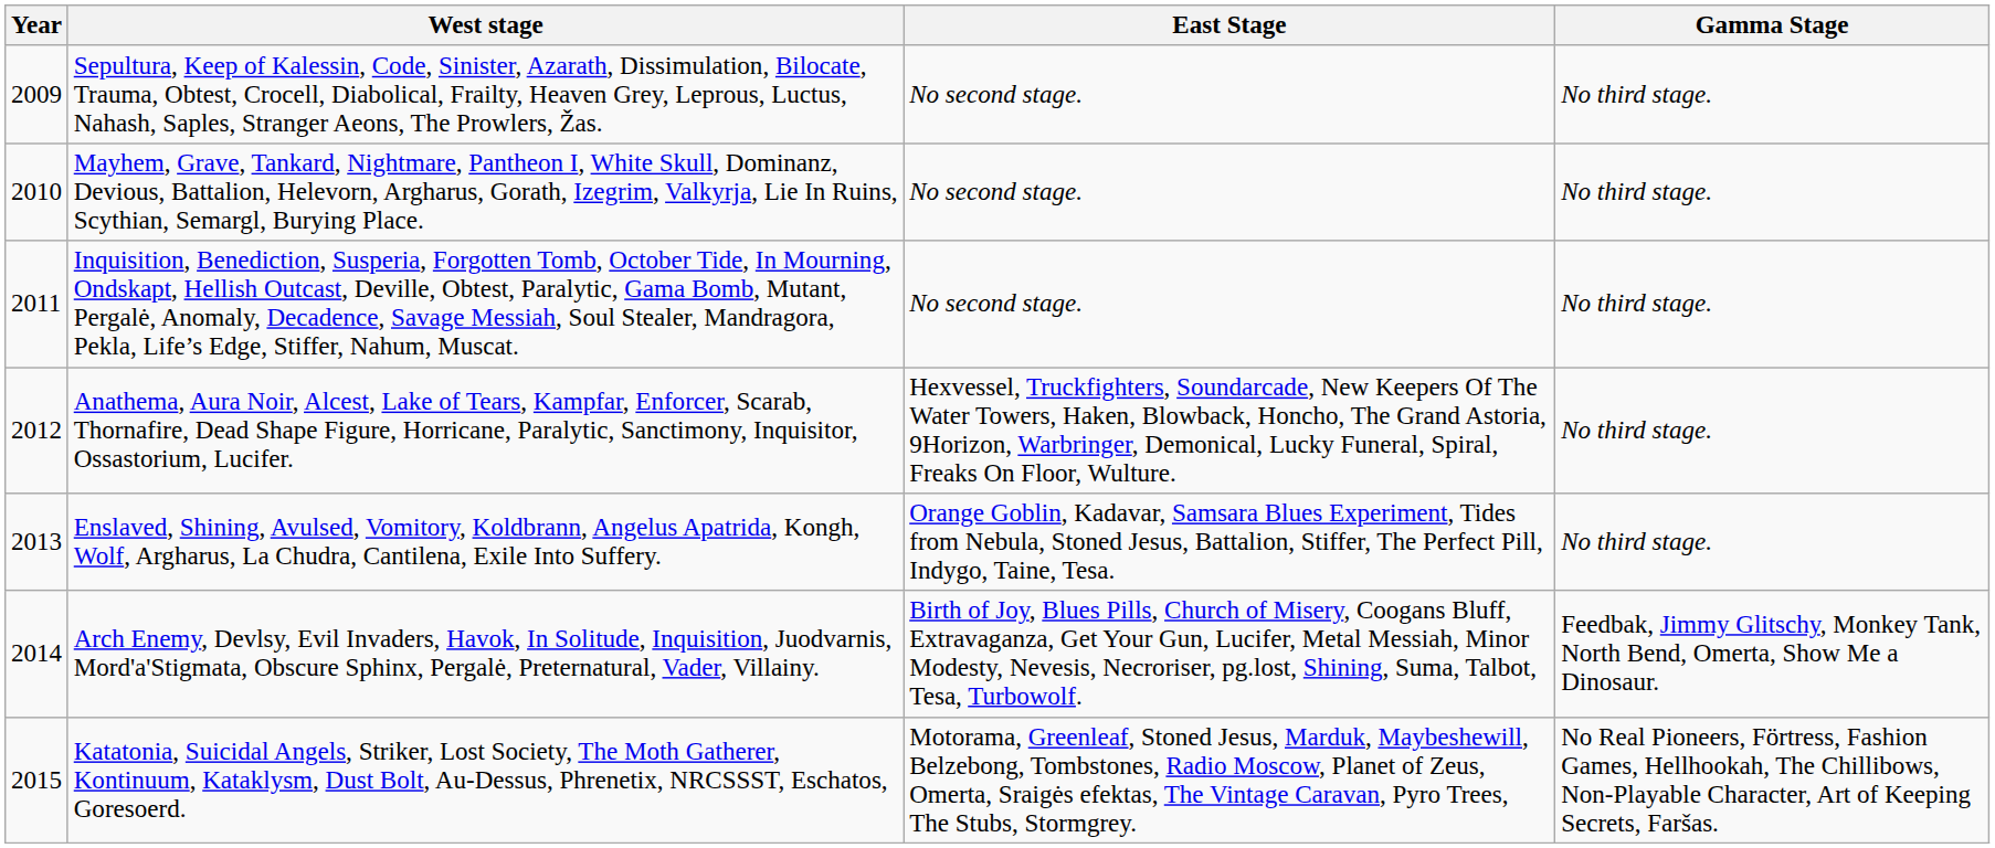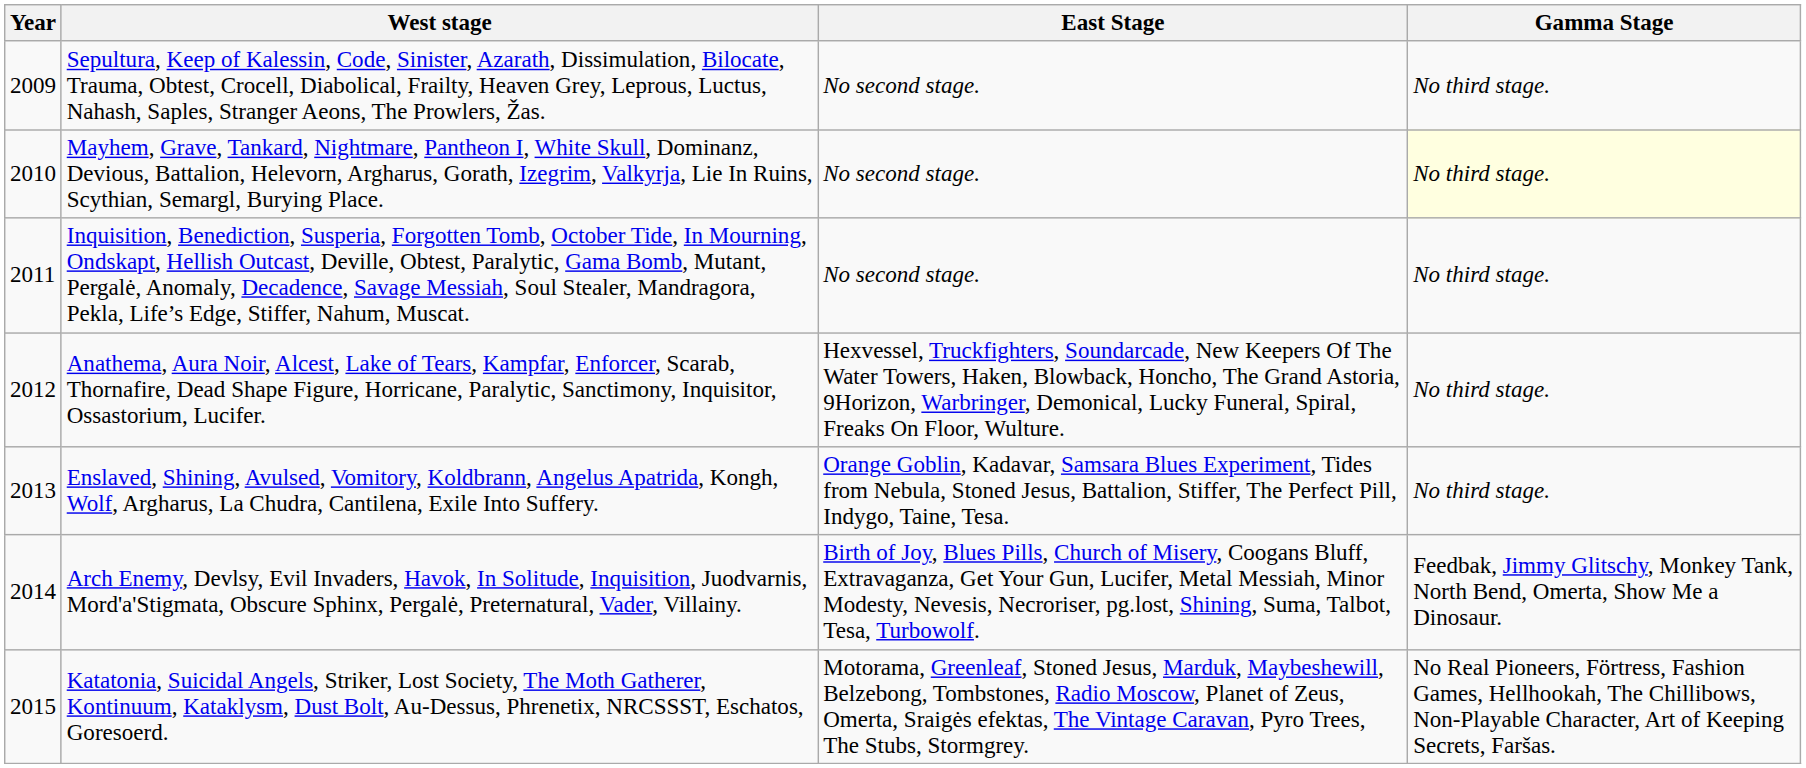 <table class="wikitable">
 <tr>
 <th>Year</th>
 <th>West stage</th>
 <th>East Stage</th>
 <th>Gamma Stage</th>
 </tr>
 <tr>
 <td>2009</td>
 <td><a href='#'>Sepultura</a>, <a href='#'>Keep of Kalessin</a>, <a href='#'>Code</a>, <a href='#'>Sinister</a>, <a href='#'>Azarath</a>, Dissimulation, <a href='#'>Bilocate</a>, Trauma, Obtest, Crocell, Diabolical, Frailty, Heaven Grey, Leprous, Luctus, Nahash, Saples, Stranger Aeons, The Prowlers, Žas.</td>
 <td><em>No second stage.</em></td>
 <td><em>No third stage.</em></td>
 </tr>
 <tr>
 <td>2010</td>
 <td><a href='#'>Mayhem</a>, <a href='#'>Grave</a>, <a href='#'>Tankard</a>, <a href='#'>Nightmare</a>, <a href='#'>Pantheon I</a>, <a href='#'>White Skull</a>, Dominanz, Devious, Battalion, Helevorn, Argharus, Gorath, <a href='#'>Izegrim</a>, <a href='#'>Valkyrja</a>, Lie In Ruins, Scythian, Semargl, Burying Place.</td>
 <td><em>No second stage.</em></td>
-<td><em>No third stage.</em></td>
+<td style="background: lightyellow;"><em>No third stage.</em></td>
 </tr>
 <tr>
 <td>2011</td>
 <td><a href='#'>Inquisition</a>, <a href='#'>Benediction</a>, <a href='#'>Susperia</a>, <a href='#'>Forgotten Tomb</a>, <a href='#'>October Tide</a>, <a href='#'>In Mourning</a>, <a href='#'>Ondskapt</a>, <a href='#'>Hellish Outcast</a>, Deville, Obtest, Paralytic, <a href='#'>Gama Bomb</a>, Mutant, Pergalė, Anomaly, <a href='#'>Decadence</a>, <a href='#'>Savage Messiah</a>, Soul Stealer, Mandragora, Pekla, Life’s Edge, Stiffer, Nahum, Muscat.</td>
 <td><em>No second stage.</em></td>
 <td><em>No third stage.</em></td>
 </tr>
 <tr>
 <td>2012</td>
 <td><a href='#'>Anathema</a>, <a href='#'>Aura Noir</a>, <a href='#'>Alcest</a>, <a href='#'>Lake of Tears</a>, <a href='#'>Kampfar</a>, <a href='#'>Enforcer</a>, Scarab, Thornafire, Dead Shape Figure, Horricane, Paralytic, Sanctimony, Inquisitor, Ossastorium, Lucifer.</td>
 <td>Hexvessel, <a href='#'>Truckfighters</a>, <a href='#'>Soundarcade</a>, New Keepers Of The Water Towers, Haken, Blowback, Honcho, The Grand Astoria, 9Horizon, <a href='#'>Warbringer</a>, Demonical, Lucky Funeral, Spiral, Freaks On Floor, Wulture.</td>
 <td><em>No third stage.</em></td>
 </tr>
 <tr>
 <td>2013</td>
 <td><a href='#'>Enslaved</a>, <a href='#'>Shining</a>, <a href='#'>Avulsed</a>, <a href='#'>Vomitory</a>, <a href='#'>Koldbrann</a>, <a href='#'>Angelus Apatrida</a>, Kongh, <a href='#'>Wolf</a>, Argharus, La Chudra, Cantilena, Exile Into Suffery.</td>
 <td><a href='#'>Orange Goblin</a>, Kadavar, <a href='#'>Samsara Blues Experiment</a>, Tides from Nebula, Stoned Jesus, Battalion, Stiffer, The Perfect Pill, Indygo, Taine, Tesa.</td>
 <td><em>No third stage.</em></td>
 </tr>
 <tr>
 <td>2014</td>
 <td><a href='#'>Arch Enemy</a>, Devlsy, Evil Invaders, <a href='#'>Havok</a>, <a href='#'>In Solitude</a>, <a href='#'>Inquisition</a>, Juodvarnis, Mord'a'Stigmata, Obscure Sphinx, Pergalė, Preternatural, <a href='#'>Vader</a>, Villainy.</td>
 <td><a href='#'>Birth of Joy</a>, <a href='#'>Blues Pills</a>, <a href='#'>Church of Misery</a>, Coogans Bluff, Extravaganza, Get Your Gun, Lucifer, Metal Messiah, Minor Modesty, Nevesis, Necroriser, pg.lost, <a href='#'>Shining</a>, Suma, Talbot, Tesa, <a href='#'>Turbowolf</a>.</td>
 <td>Feedbak, <a href='#'>Jimmy Glitschy</a>, Monkey Tank, North Bend, Omerta, Show Me a Dinosaur.</td>
 </tr>
 <tr>
 <td>2015</td>
 <td><a href='#'>Katatonia</a>, <a href='#'>Suicidal Angels</a>, Striker, Lost Society, <a href='#'>The Moth Gatherer</a>, <a href='#'>Kontinuum</a>, <a href='#'>Kataklysm</a>, <a href='#'>Dust Bolt</a>, Au-Dessus, Phrenetix, NRCSSST, Eschatos, Goresoerd.</td>
 <td>Motorama, <a href='#'>Greenleaf</a>, Stoned Jesus, <a href='#'>Marduk</a>, <a href='#'>Maybeshewill</a>, Belzebong, Tombstones, <a href='#'>Radio Moscow</a>, Planet of Zeus, Omerta, Sraigės efektas, <a href='#'>The Vintage Caravan</a>, Pyro Trees, The Stubs, Stormgrey.</td>
 <td>No Real Pioneers, Förtress, Fashion Games, Hellhookah, The Chillibows, Non-Playable Character, Art of Keeping Secrets, Faršas.</td>
 </tr>
 <tr>
 </tr>
 </table>
